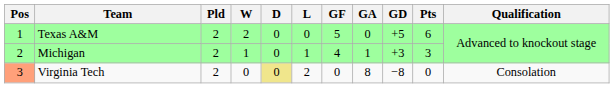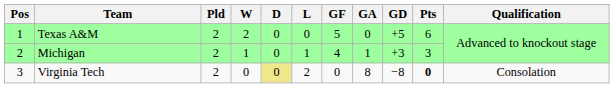 <table class="wikitable" style="text-align:center; margin: 1em auto">
 <tr>
 <th style="width:2em">Pos</th>
 <th style="width:13em">Team</th>
 <th style="width:2em">Pld</th>
 <th style="width:2em">W</th>
 <th style="width:2em">D</th>
 <th style="width:2em">L</th>
 <th style="width:2em">GF</th>
 <th style="width:2em">GA</th>
 <th style="width:2em">GD</th>
 <th style="width:2em">Pts</th>
 <th style="width:13em">Qualification</th>
 </tr>
 <tr bgcolor="#9eff9e">
 <td>1</td>
 <td style="text-align:left">Texas A&M</td>
 <td>2</td>
 <td>2</td>
 <td>0</td>
 <td>0</td>
 <td>5</td>
 <td>0</td>
 <td>+5</td>
 <td>6</td>
 <td rowspan="2">Advanced to knockout stage</td>
 </tr>
 <tr bgcolor="#9eff9e">
 <td>2</td>
 <td style="text-align:left">Michigan</td>
 <td>2</td>
 <td>1</td>
 <td>0</td>
 <td>1</td>
 <td>4</td>
 <td>1</td>
 <td>+3</td>
 <td>3</td>
 </tr>
 <tr>
-<td style="background: lightsalmon;">3</td>
+<td>3</td>
 <td style="text-align:left">Virginia Tech</td>
 <td>2</td>
 <td>0</td>
 <td style="background: khaki;">0</td>
 <td>2</td>
 <td>0</td>
 <td>8</td>
 <td>−8</td>
-<td>0</td>
+<td><strong>0</strong></td>
 <td>Consolation</td>
 </tr>
 </table>
